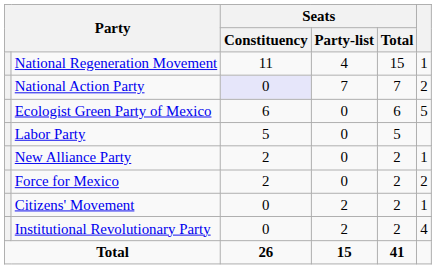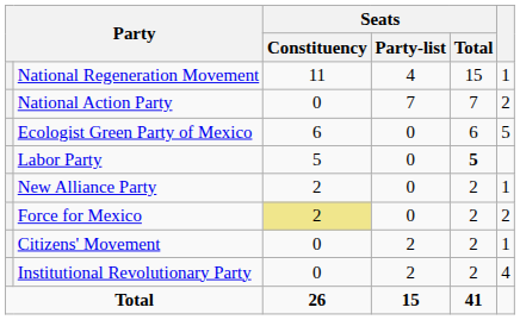 <table class="wikitable" style="text-align:center;">
 <tr>
 <th colspan="2" rowspan="2">Party</th>
 <th colspan="3">Seats</th>
 <th rowspan="2"></th>
 </tr>
 <tr>
 <th style="width:3em"><strong>Constituency</strong></th>
 <th>Party-list</th>
 <th>Total</th>
 </tr>
 <tr>
 <th style="background-color:"></th>
 <td style="text-align:left;"><a href='#'>National Regeneration Movement</a></td>
 <td>11</td>
 <td>4</td>
 <td>15</td>
 <td> 1</td>
 </tr>
 <tr>
 <th style="background-color:"></th>
 <td style="text-align:left;"><a href='#'>National Action Party</a></td>
-<td style="background: lavender;">0</td>
+<td>0</td>
 <td>7</td>
 <td>7</td>
 <td> 2</td>
 </tr>
 <tr>
 <th style="background-color:"></th>
 <td style="text-align:left;"><a href='#'>Ecologist Green Party of Mexico</a></td>
 <td>6</td>
 <td>0</td>
 <td>6</td>
 <td> 5</td>
 </tr>
 <tr>
 <th style="background-color:"></th>
 <td style="text-align:left;"><a href='#'>Labor Party</a></td>
 <td>5</td>
 <td>0</td>
-<td>5</td>
+<td><strong>5</strong></td>
 <td></td>
 </tr>
 <tr>
 <th style="background-color:"></th>
 <td style="text-align:left;"><a href='#'>New Alliance Party</a></td>
 <td>2</td>
 <td>0</td>
 <td>2</td>
 <td> 1</td>
 </tr>
 <tr>
 <th style="background-color:"></th>
 <td style="text-align:left;"><a href='#'>Force for Mexico</a></td>
-<td>2</td>
+<td style="background: khaki;">2</td>
 <td>0</td>
 <td>2</td>
 <td> 2</td>
 </tr>
 <tr>
 <th style="background-color:"></th>
 <td style="text-align:left;"><a href='#'>Citizens' Movement</a></td>
 <td>0</td>
 <td>2</td>
 <td>2</td>
 <td> 1</td>
 </tr>
 <tr>
 <th style="background-color:"></th>
 <td style="text-align:left;"><a href='#'>Institutional Revolutionary Party</a></td>
 <td>0</td>
 <td>2</td>
 <td>2</td>
 <td> 4</td>
 </tr>
 <tr>
 <td colspan="2"><strong>Total</strong></td>
 <td><strong>26</strong></td>
 <td><strong>15</strong></td>
 <td><strong>41</strong></td>
 <td></td>
 </tr>
 </table>
